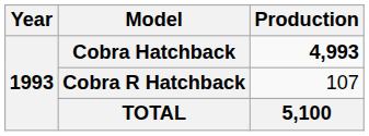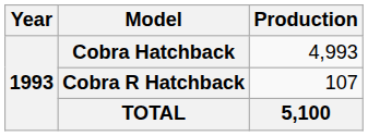 <table class=wikitable>
 <tr>
 <th>Year</th>
 <th>Model</th>
 <th>Production</th>
 </tr>
 <tr>
 <th rowspan=3>1993</th>
 <th align=right>Cobra Hatchback</th>
-<td align=right><strong>4,993</strong></td>
+<td align=right>4,993</td>
 </tr>
 <tr>
 <th align=right>Cobra R Hatchback</th>
 <td align=right>107</td>
 </tr>
 <tr>
 <th align=right>TOTAL</th>
 <th align=right>5,100</th>
 </tr>
 </table>
